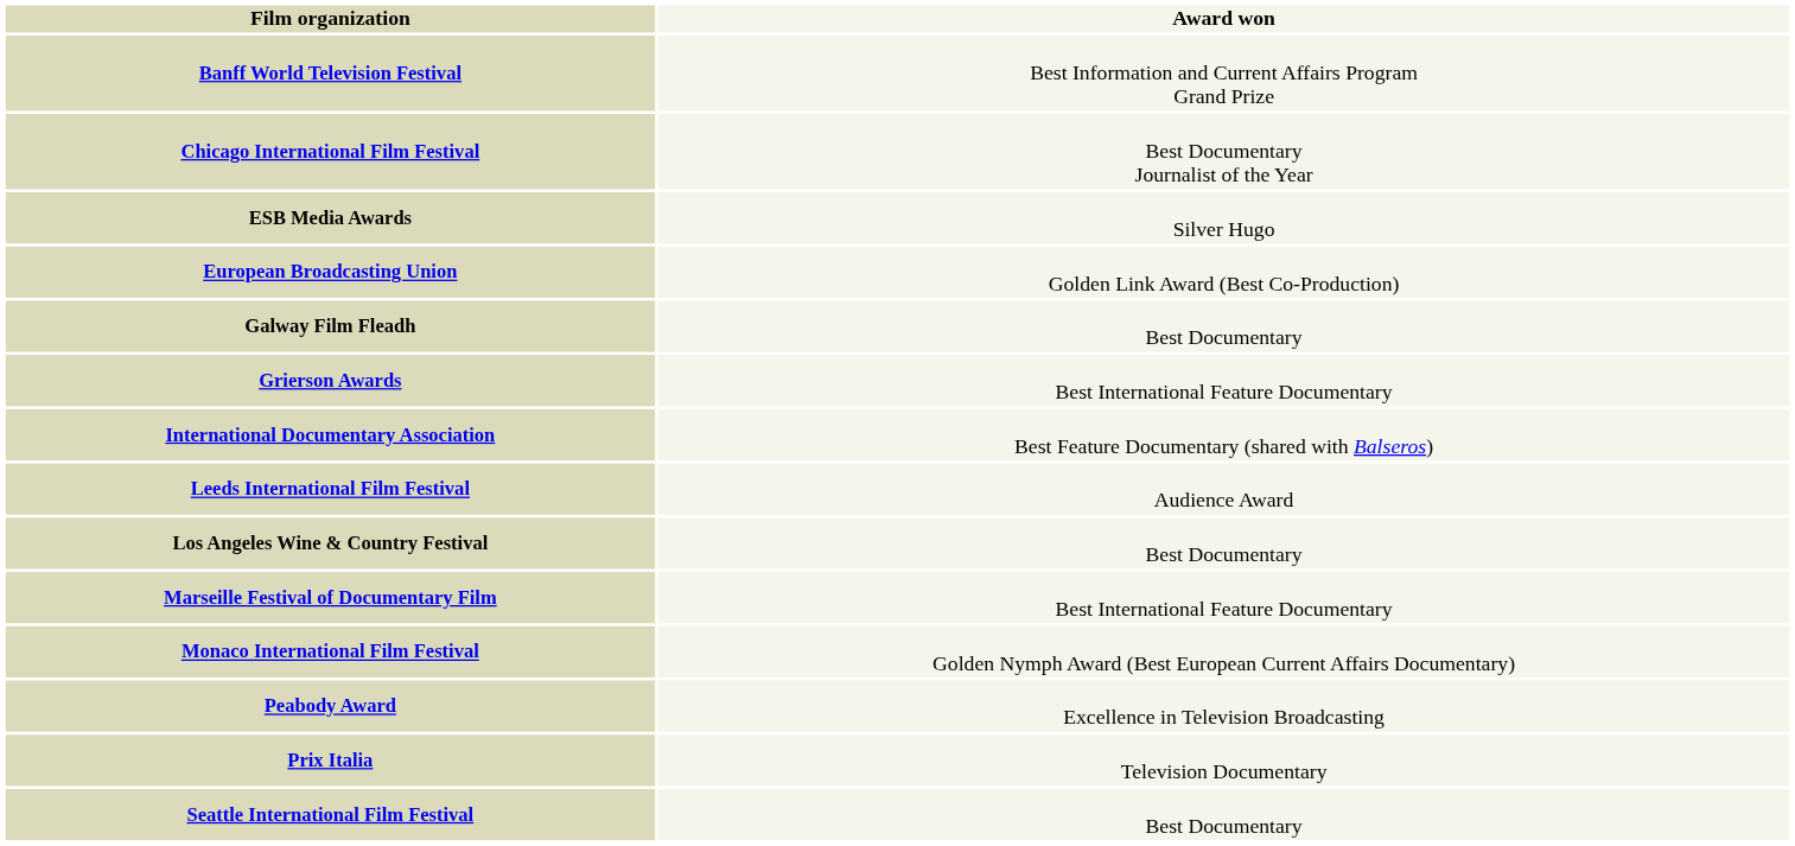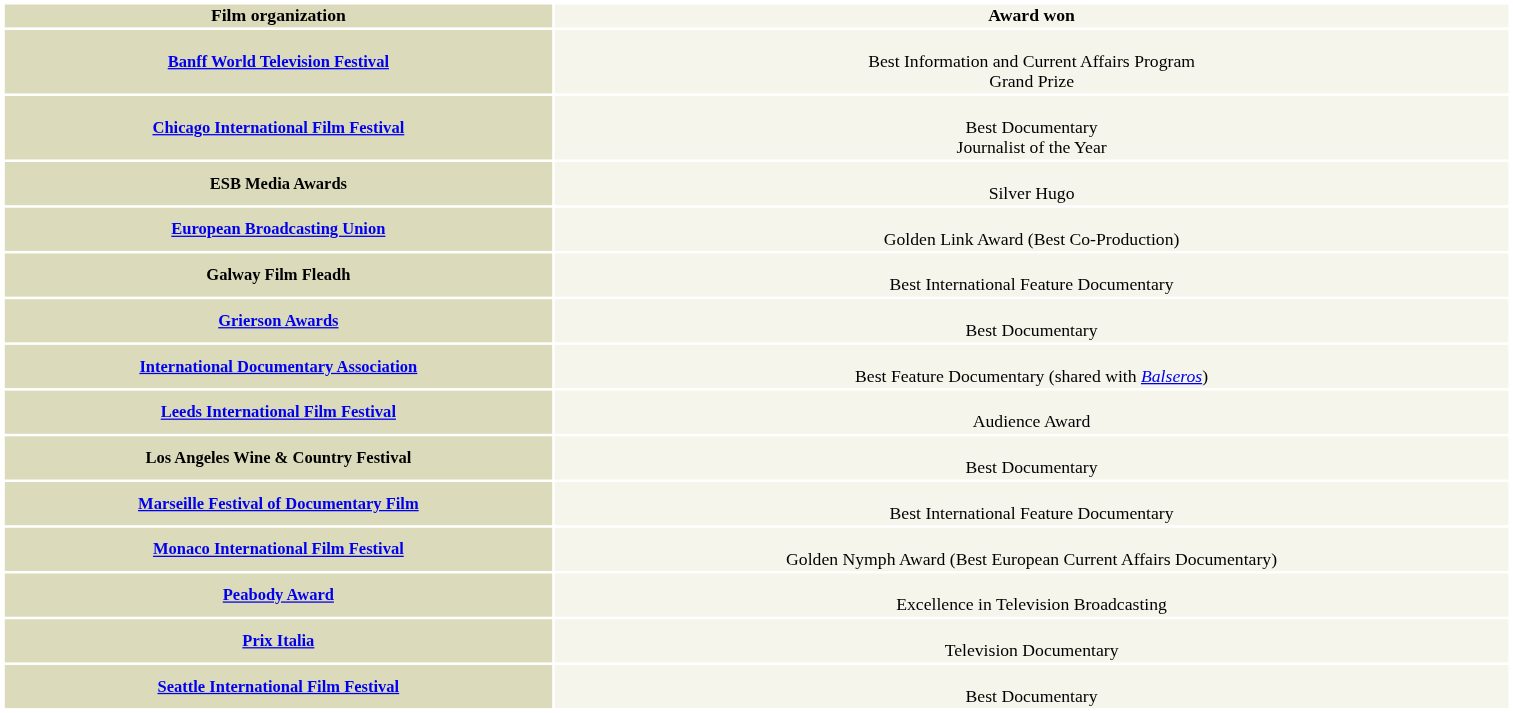 <table align="center" width=94% style="text-align:center; font-size:87%; clear:both">
 <tr>
 <th style="background-color: #DBDABA; font-weight: normal; line-height: normal;"><span><strong>Film organization</strong></span><br></th>
 <th style="background-color: #F5F5EC; font-weight: normal; line-height: normal;"><span><strong>Award won</strong></span><br></th>
 </tr>
 <tr>
 <th style="background-color: #DBDABA; font-size: small;"><a href='#'>Banff World Television Festival</a></th>
 <td style="background-color: #F5F5EC;"><br>Best Information and Current Affairs Program<br> Grand Prize</td>
 </tr>
 <tr>
 <th style="background-color: #DBDABA; font-size: small;"><a href='#'>Chicago International Film Festival</a></th>
 <td style="background-color: #F5F5EC;"><br>Best Documentary<br> Journalist of the Year</td>
 </tr>
 <tr>
 <th style="background-color: #DBDABA; font-size: small;">ESB Media Awards</th>
 <td style="background-color: #F5F5EC;"><br>Silver Hugo</td>
 </tr>
 <tr>
 <th style="background-color: #DBDABA; font-size: small;"><a href='#'>European Broadcasting Union</a></th>
 <td style="background-color: #F5F5EC;"><br>Golden Link Award (Best Co-Production)</td>
 </tr>
 <tr>
 <th style="background-color: #DBDABA; font-size: small;">Galway Film Fleadh</th>
-<td style="background-color: #F5F5EC;"><br>Best Documentary</td>
+<td style="background-color: #F5F5EC;"><br>Best International Feature Documentary</td>
 </tr>
 <tr>
 <th style="background-color: #DBDABA; font-size: small;"><a href='#'>Grierson Awards</a></th>
-<td style="background-color: #F5F5EC;"><br>Best International Feature Documentary</td>
+<td style="background-color: #F5F5EC;"><br>Best Documentary</td>
 </tr>
 <tr>
 <th style="background-color: #DBDABA; font-size: small;"><a href='#'>International Documentary Association</a></th>
 <td style="background-color: #F5F5EC;"><br>Best Feature Documentary (shared with <em><a href='#'>Balseros</a></em>)</td>
 </tr>
 <tr>
 <th style="background-color: #DBDABA; font-size: small;"><a href='#'>Leeds International Film Festival</a></th>
 <td style="background-color: #F5F5EC;"><br>Audience Award</td>
 </tr>
 <tr>
 <th style="background-color: #DBDABA; font-size: small;">Los Angeles Wine & Country Festival</th>
 <td style="background-color: #F5F5EC;"><br>Best Documentary</td>
 </tr>
 <tr>
 <th style="background-color: #DBDABA; font-size: small;"><a href='#'>Marseille Festival of Documentary Film</a></th>
 <td style="background-color: #F5F5EC;"><br>Best International Feature Documentary</td>
 </tr>
 <tr>
 <th style="background-color: #DBDABA; font-size: small;"><a href='#'>Monaco International Film Festival</a></th>
 <td style="background-color: #F5F5EC;"><br>Golden Nymph Award (Best European Current Affairs Documentary)</td>
 </tr>
 <tr>
 <th style="background-color: #DBDABA; font-size: small;"><a href='#'>Peabody Award</a></th>
 <td style="background-color: #F5F5EC;"><br>Excellence in Television Broadcasting</td>
 </tr>
 <tr>
 <th style="background-color: #DBDABA; font-size: small;"><a href='#'>Prix Italia</a></th>
 <td style="background-color: #F5F5EC;"><br>Television Documentary</td>
 </tr>
 <tr>
 <th style="background-color: #DBDABA; font-size: small;"><a href='#'>Seattle International Film Festival</a></th>
 <td style="background-color: #F5F5EC;"><br>Best Documentary</td>
 </tr>
 </table>
